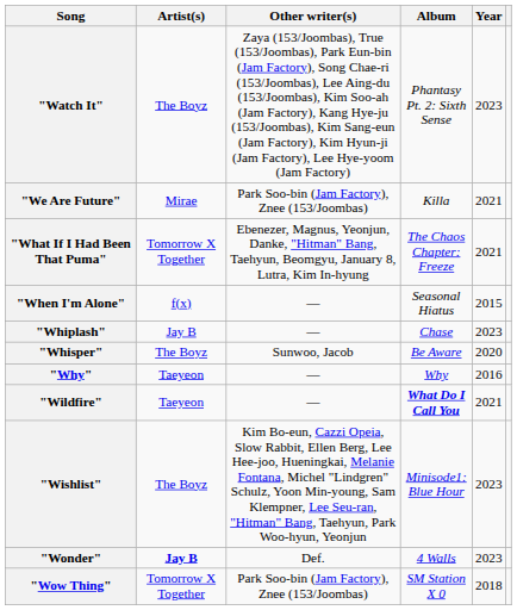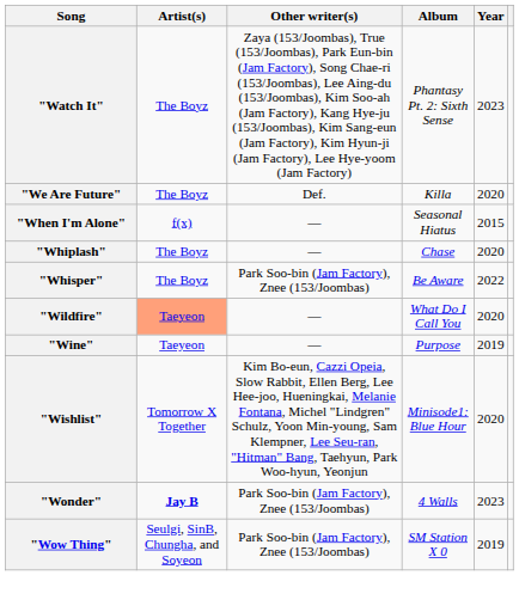 <table class="wikitable sortable plainrowheaders" style="text-align:center;">
 <tr>
 <th scope="col" width="150">Song</th>
 <th scope="col" width="100">Artist(s)</th>
 <th scope="col" class="unsortable">Other writer(s)</th>
 <th scope="col" data-sort-type="text">Album</th>
 <th scope="col">Year</th>
 <th scope="col" class="unsortable"></th>
 </tr>
 <tr>
 <th scope="row">"Watch It"</th>
 <td><a href='#'>The Boyz</a></td>
 <td>Zaya (153/Joombas), True (153/Joombas), Park Eun-bin (<a href='#'>Jam Factory</a>), Song Chae-ri (153/Joombas), Lee Aing-du (153/Joombas), Kim Soo-ah (Jam Factory), Kang Hye-ju (153/Joombas), Kim Sang-eun (Jam Factory), Kim Hyun-ji (Jam Factory), Lee Hye-yoom (Jam Factory)</td>
 <td><em>Phantasy Pt. 2: Sixth Sense</em></td>
 <td>2023</td>
 <td style="text-align:center;"></td>
 </tr>
 <tr>
 <th scope="row">"We Are Future"</th>
-<td><a href='#'>Mirae</a></td>
-<td>Park Soo-bin (<a href='#'>Jam Factory</a>), Znee (153/Joombas)</td>
+<td><a href='#'>The Boyz</a></td>
+<td>Def.</td>
 <td><em>Killa</em></td>
-<td>2021</td>
-<td style="text-align:center;"></td>
-</tr>
-<tr>
-<th scope="row">"What If I Had Been That Puma"</th>
-<td><a href='#'>Tomorrow X Together</a></td>
-<td>Ebenezer, Magnus, Yeonjun, Danke, <a href='#'>"Hitman" Bang</a>, Taehyun, Beomgyu, January 8, Lutra, Kim In-hyung</td>
-<td><em><a href='#'>The Chaos Chapter: Freeze</a></em></td>
-<td>2021</td>
+<td>2020</td>
 <td style="text-align:center;"></td>
 </tr>
 <tr>
 <th scope="row">"When I'm Alone"</th>
 <td><a href='#'>f(x)</a></td>
 <td>—</td>
 <td><em>Seasonal Hiatus</em></td>
 <td>2015</td>
 <td style="text-align:center;"></td>
 </tr>
 <tr>
 <th scope="row">"Whiplash"</th>
-<td><a href='#'>Jay B</a></td>
+<td><a href='#'>The Boyz</a></td>
 <td>—</td>
 <td><em><a href='#'>Chase</a></em></td>
-<td>2023</td>
+<td>2020</td>
 <td style="text-align:center;"></td>
 </tr>
 <tr>
 <th scope="row">"Whisper"</th>
 <td><a href='#'>The Boyz</a></td>
-<td>Sunwoo, Jacob</td>
+<td>Park Soo-bin (<a href='#'>Jam Factory</a>), Znee (153/Joombas)</td>
 <td><em><a href='#'>Be Aware</a></em></td>
+<td>2022</td>
+<td style="text-align:center;"></td>
+</tr>
+<tr>
+<th scope="row">"Wildfire"</th>
+<td style="background: lightsalmon;"><a href='#'>Taeyeon</a></td>
+<td>—</td>
+<td><em><a href='#'>What Do I Call You</a></em></td>
 <td>2020</td>
 <td style="text-align:center;"></td>
 </tr>
 <tr>
-<th scope="row">"<a href='#'>Why</a>"</th>
+<th scope="row">"Wine"</th>
 <td><a href='#'>Taeyeon</a></td>
 <td>—</td>
-<td><em><a href='#'>Why</a></em></td>
-<td>2016</td>
-<td style="text-align:center;"></td>
-</tr>
-<tr>
-<th scope="row">"Wildfire"</th>
-<td><a href='#'>Taeyeon</a></td>
-<td>—</td>
-<td><strong><em><a href='#'>What Do I Call You</a></em></strong></td>
-<td>2021</td>
+<td><em><a href='#'>Purpose</a></em></td>
+<td>2019</td>
 <td style="text-align:center;"></td>
 </tr>
 <tr>
 <th scope="row">"Wishlist"</th>
-<td><a href='#'>The Boyz</a></td>
+<td><a href='#'>Tomorrow X Together</a></td>
 <td>Kim Bo-eun, <a href='#'>Cazzi Opeia</a>, Slow Rabbit, Ellen Berg, Lee Hee-joo, Hueningkai, <a href='#'>Melanie Fontana</a>, Michel "Lindgren" Schulz, Yoon Min-young, Sam Klempner, <a href='#'>Lee Seu-ran</a>, <a href='#'>"Hitman" Bang</a>, Taehyun, Park Woo-hyun, Yeonjun</td>
 <td><em><a href='#'>Minisode1: Blue Hour</a></em></td>
-<td>2023</td>
+<td>2020</td>
 <td style="text-align:center;"></td>
 </tr>
 <tr>
 <th scope="row">"Wonder"</th>
 <td><strong><a href='#'>Jay B</a></strong></td>
-<td>Def.</td>
+<td>Park Soo-bin (<a href='#'>Jam Factory</a>), Znee (153/Joombas)</td>
 <td><em><a href='#'>4 Walls</a></em></td>
 <td>2023</td>
 <td style="text-align:center;"></td>
 </tr>
 <tr>
 <th scope="row">"<a href='#'>Wow Thing</a>"</th>
-<td><a href='#'>Tomorrow X Together</a></td>
+<td><a href='#'>Seulgi</a>, <a href='#'>SinB</a>, <a href='#'>Chungha</a>, and <a href='#'>Soyeon</a></td>
 <td>Park Soo-bin (<a href='#'>Jam Factory</a>), Znee (153/Joombas)</td>
 <td><em><a href='#'>SM Station X 0</a></em></td>
-<td>2018</td>
+<td>2019</td>
 <td style="text-align:center;"></td>
 </tr>
 </table>
